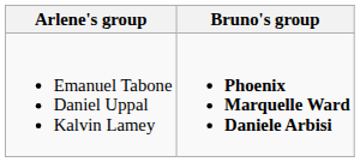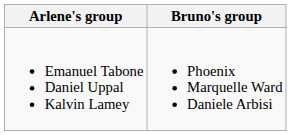 <table class="wikitable">
 <tr>
 <th><strong>Arlene's group</strong></th>
 <th><strong>Bruno's group</strong></th>
 </tr>
 <tr>
 <td><br><ul><li>Emanuel Tabone</li><li>Daniel Uppal</li><li>Kalvin Lamey</li></ul></td>
-<td><strong><br><ul><li>Phoenix</li><li>Marquelle Ward</li><li>Daniele Arbisi</li></ul></strong></td>
+<td><br><ul><li>Phoenix</li><li>Marquelle Ward</li><li>Daniele Arbisi</li></ul></td>
 </tr>
 </table>
